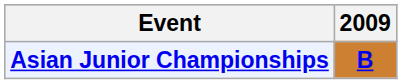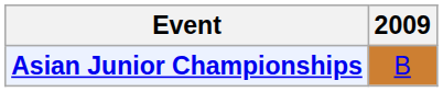 <table style='font-size: 90%; text-align:center;' class='wikitable'>
 <tr>
 <th>Event</th>
 <th>2009</th>
 </tr>
 <tr>
 <td bgcolor="#ECF2FF"; align="left"><strong><a href='#'>Asian Junior Championships</a></strong></td>
-<td bgcolor=CD7F32><strong><a href='#'>B</a></strong></td>
+<td bgcolor=CD7F32><a href='#'>B</a></td>
 </tr>
 </table>
